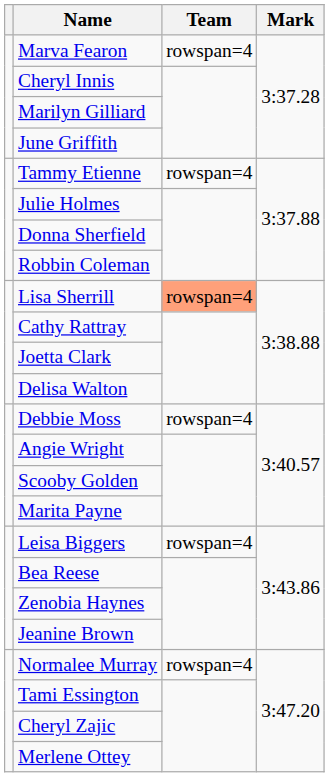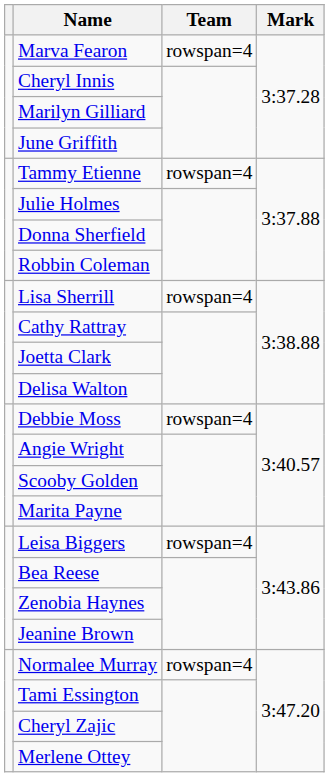 <table class=wikitable>
 <tr>
 <th></th>
 <th>Name</th>
 <th>Team</th>
 <th>Mark</th>
 </tr>
 <tr>
 <td rowspan=4></td>
 <td><a href='#'>Marva Fearon</a></td>
 <td>rowspan=4 </td>
 <td rowspan=4>3:37.28</td>
 </tr>
 <tr>
 <td><a href='#'>Cheryl Innis</a></td>
 </tr>
 <tr>
 <td><a href='#'>Marilyn Gilliard</a></td>
 </tr>
 <tr>
 <td><a href='#'>June Griffith</a></td>
 </tr>
 <tr>
 <td rowspan=4></td>
 <td><a href='#'>Tammy Etienne</a></td>
 <td>rowspan=4 </td>
 <td rowspan=4>3:37.88</td>
 </tr>
 <tr>
 <td><a href='#'>Julie Holmes</a></td>
 </tr>
 <tr>
 <td><a href='#'>Donna Sherfield</a></td>
 </tr>
 <tr>
 <td><a href='#'>Robbin Coleman</a></td>
 </tr>
 <tr>
 <td rowspan=4></td>
 <td><a href='#'>Lisa Sherrill</a></td>
-<td style="background: lightsalmon;">rowspan=4 </td>
+<td>rowspan=4 </td>
 <td rowspan=4>3:38.88</td>
 </tr>
 <tr>
 <td><a href='#'>Cathy Rattray</a></td>
 </tr>
 <tr>
 <td><a href='#'>Joetta Clark</a></td>
 </tr>
 <tr>
 <td><a href='#'>Delisa Walton</a></td>
 </tr>
 <tr>
 <td rowspan=4></td>
 <td><a href='#'>Debbie Moss</a></td>
 <td>rowspan=4 </td>
 <td rowspan=4>3:40.57</td>
 </tr>
 <tr>
 <td><a href='#'>Angie Wright</a></td>
 </tr>
 <tr>
 <td><a href='#'>Scooby Golden</a></td>
 </tr>
 <tr>
 <td><a href='#'>Marita Payne</a></td>
 </tr>
 <tr>
 <td rowspan=4></td>
 <td><a href='#'>Leisa Biggers</a></td>
 <td>rowspan=4 </td>
 <td rowspan=4>3:43.86</td>
 </tr>
 <tr>
 <td><a href='#'>Bea Reese</a></td>
 </tr>
 <tr>
 <td><a href='#'>Zenobia Haynes</a></td>
 </tr>
 <tr>
 <td><a href='#'>Jeanine Brown</a></td>
 </tr>
 <tr>
 <td rowspan=4></td>
 <td><a href='#'>Normalee Murray</a></td>
 <td>rowspan=4 </td>
 <td rowspan=4>3:47.20</td>
 </tr>
 <tr>
 <td><a href='#'>Tami Essington</a></td>
 </tr>
 <tr>
 <td><a href='#'>Cheryl Zajic</a></td>
 </tr>
 <tr>
 <td><a href='#'>Merlene Ottey</a></td>
 </tr>
 </table>
